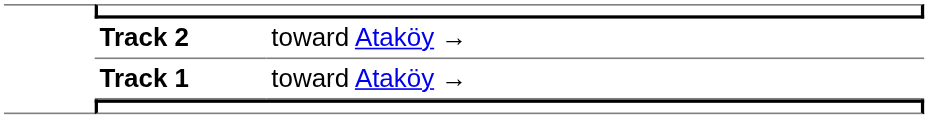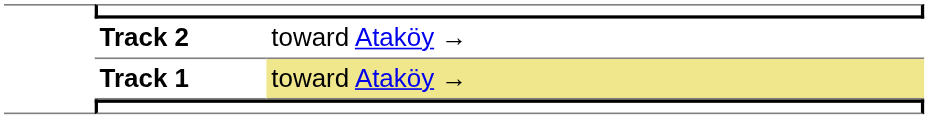 <table cellspacing=0 cellpadding=3>
 <tr>
 <td style="border-top:solid 1px gray;border-bottom:solid 1px gray;vertical-align:top;" width=50 rowspan=4></td>
 <td style="border-top:solid 1px gray;border-right:solid 2px black;border-left:solid 2px black;border-bottom:solid 2px black;text-align:center;" colspan=2></td>
 </tr>
 <tr>
 <td style="border-bottom:solid 1px gray;" width=100><strong>Track 2</strong></td>
 <td style="border-bottom:solid 1px gray;" width=400> toward <a href='#'>Ataköy</a> →</td>
 </tr>
 <tr>
 <td style="border-bottom:solid 1px gray;"><strong>Track 1</strong></td>
-<td style="border-bottom:solid 1px gray;"> toward <a href='#'>Ataköy</a> →</td>
+<td style="background: khaki; border-bottom:solid 1px gray;"> toward <a href='#'>Ataköy</a> →</td>
 </tr>
 <tr>
 <td style="border-bottom:solid 1px gray;border-top:solid 2px black;border-right:solid 2px black;border-left:solid 2px black;text-align:center;" colspan=2></td>
 </tr>
 </table>
